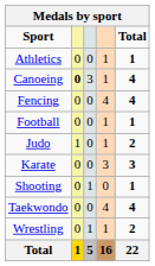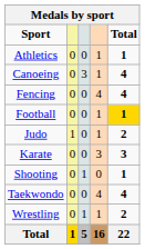 <table class="wikitable" style="font-size:85%; text-align:center;">
 <tr style="background:#efefef;">
 <th colspan=5><strong>Medals by sport</strong></th>
 </tr>
 <tr>
 <td><strong>Sport</strong></td>
 <td style="background:#f7f6a8;"></td>
 <td style="background:#dce5e5;"></td>
 <td style="background:#ffdab9;"></td>
 <td><strong>Total</strong></td>
 </tr>
 <tr>
 <td><a href='#'>Athletics</a></td>
 <td style="background:#F7F6A8;">0</td>
 <td style="background:#DCE5E5;">0</td>
 <td style="background:#FFDAB9;">1</td>
 <td><strong>1</strong></td>
 </tr>
 <tr>
 <td><a href='#'>Canoeing</a></td>
-<td style="background:#F7F6A8;"><strong>0</strong></td>
+<td style="background:#F7F6A8;">0</td>
 <td style="background:#DCE5E5;">3</td>
 <td style="background:#FFDAB9;">1</td>
 <td><strong>4</strong></td>
 </tr>
 <tr>
 <td><a href='#'>Fencing</a></td>
 <td style="background:#F7F6A8;">0</td>
 <td style="background:#DCE5E5;">0</td>
 <td style="background:#FFDAB9;">4</td>
 <td><strong>4</strong></td>
 </tr>
 <tr>
 <td><a href='#'>Football</a></td>
 <td style="background:#F7F6A8;">0</td>
 <td style="background:#DCE5E5;">0</td>
 <td style="background:#FFDAB9;">1</td>
-<td><strong>1</strong></td>
+<td style="background: gold;"><strong>1</strong></td>
 </tr>
 <tr>
 <td><a href='#'>Judo</a></td>
 <td style="background:#F7F6A8;">1</td>
 <td style="background:#DCE5E5;">0</td>
 <td style="background:#FFDAB9;">1</td>
 <td><strong>2</strong></td>
 </tr>
 <tr>
 <td><a href='#'>Karate</a></td>
 <td style="background:#F7F6A8;">0</td>
 <td style="background:#DCE5E5;">0</td>
 <td style="background:#FFDAB9;">3</td>
 <td><strong>3</strong></td>
 </tr>
 <tr>
 <td><a href='#'>Shooting</a></td>
 <td style="background:#F7F6A8;">0</td>
 <td style="background:#DCE5E5;">1</td>
 <td style="background:#FFDAB9;">0</td>
 <td><strong>1</strong></td>
 </tr>
 <tr>
 <td><a href='#'>Taekwondo</a></td>
 <td style="background:#F7F6A8;">0</td>
 <td style="background:#DCE5E5;">0</td>
 <td style="background:#FFDAB9;">4</td>
 <td><strong>4</strong></td>
 </tr>
 <tr>
 <td><a href='#'> Wrestling</a></td>
 <td style="background:#F7F6A8;">0</td>
 <td style="background:#DCE5E5;">1</td>
 <td style="background:#FFDAB9;">1</td>
 <td><strong>2</strong></td>
 </tr>
 <tr>
 <th>Total</th>
 <th style="background:gold;"  >1</th>
 <th style="background:silver;">5</th>
 <th style="background:#c96;"  >16</th>
 <th>22</th>
 </tr>
 </table>
